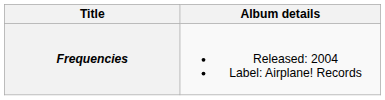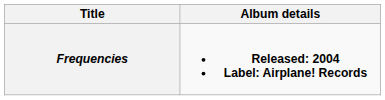 <table class="wikitable plainrowheaders" style="text-align:center;">
 <tr>
 <th scope="col" style="width:14em;">Title</th>
 <th scope="col" style="width:16em;">Album details</th>
 </tr>
 <tr>
 <th scope="row"><em>Frequencies</em></th>
-<td><br><ul><li>Released: 2004</li><li>Label: Airplane! Records</li></ul></td>
+<td><strong><br><ul><li>Released: 2004</li><li>Label: Airplane! Records</li></ul></strong></td>
 </tr>
 </table>
